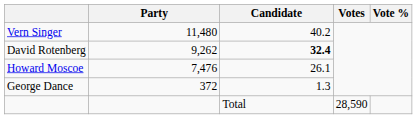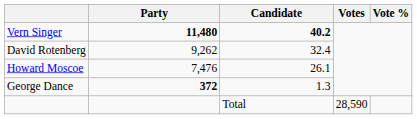 <table class="wikitable">
 <tr>
 <th></th>
 <th scope="col" width="175">Party</th>
 <th scope="col" width="150">Candidate</th>
 <th>Votes</th>
 <th>Vote %</th>
 </tr>
 <tr>
 <td><a href='#'>Vern Singer</a></td>
-<td align=right>11,480</td>
-<td align=right>40.2</td>
+<td align=right><strong>11,480</strong></td>
+<td align=right><strong>40.2</strong></td>
 </tr>
 <tr>
 <td>David Rotenberg</td>
 <td align=right>9,262</td>
-<td align=right><strong>32.4</strong></td>
+<td align=right>32.4</td>
 </tr>
 <tr>
 <td><a href='#'>Howard Moscoe</a></td>
 <td align=right>7,476</td>
 <td align=right>26.1</td>
 </tr>
 <tr |>
 <td>George Dance</td>
-<td align=right>372</td>
+<td align=right><strong>372</strong></td>
 <td align=right>1.3</td>
 </tr>
 <tr |>
 <td></td>
 <td></td>
 <td>Total</td>
 <td align=right>28,590</td>
 <td></td>
 </tr>
 </table>
